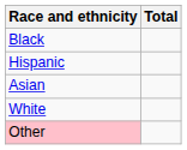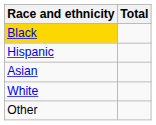 <table class="wikitable sortable collapsible"; text-align:right; font-size:80%;">
 <tr>
 <th>Race and ethnicity</th>
 <th colspan="2" data-sort-type=number>Total</th>
 </tr>
 <tr>
-<td><a href='#'>Black</a></td>
+<td style="background: gold;"><a href='#'>Black</a></td>
 <td align=right></td>
 </tr>
 <tr>
 <td><a href='#'>Hispanic</a></td>
 <td align=right></td>
 </tr>
 <tr>
 <td><a href='#'>Asian</a></td>
 <td align=right></td>
 </tr>
 <tr>
 <td><a href='#'>White</a></td>
 <td align=right></td>
 </tr>
 <tr>
-<td style="background: pink;">Other</td>
+<td>Other</td>
 <td align=right></td>
 </tr>
 </table>
